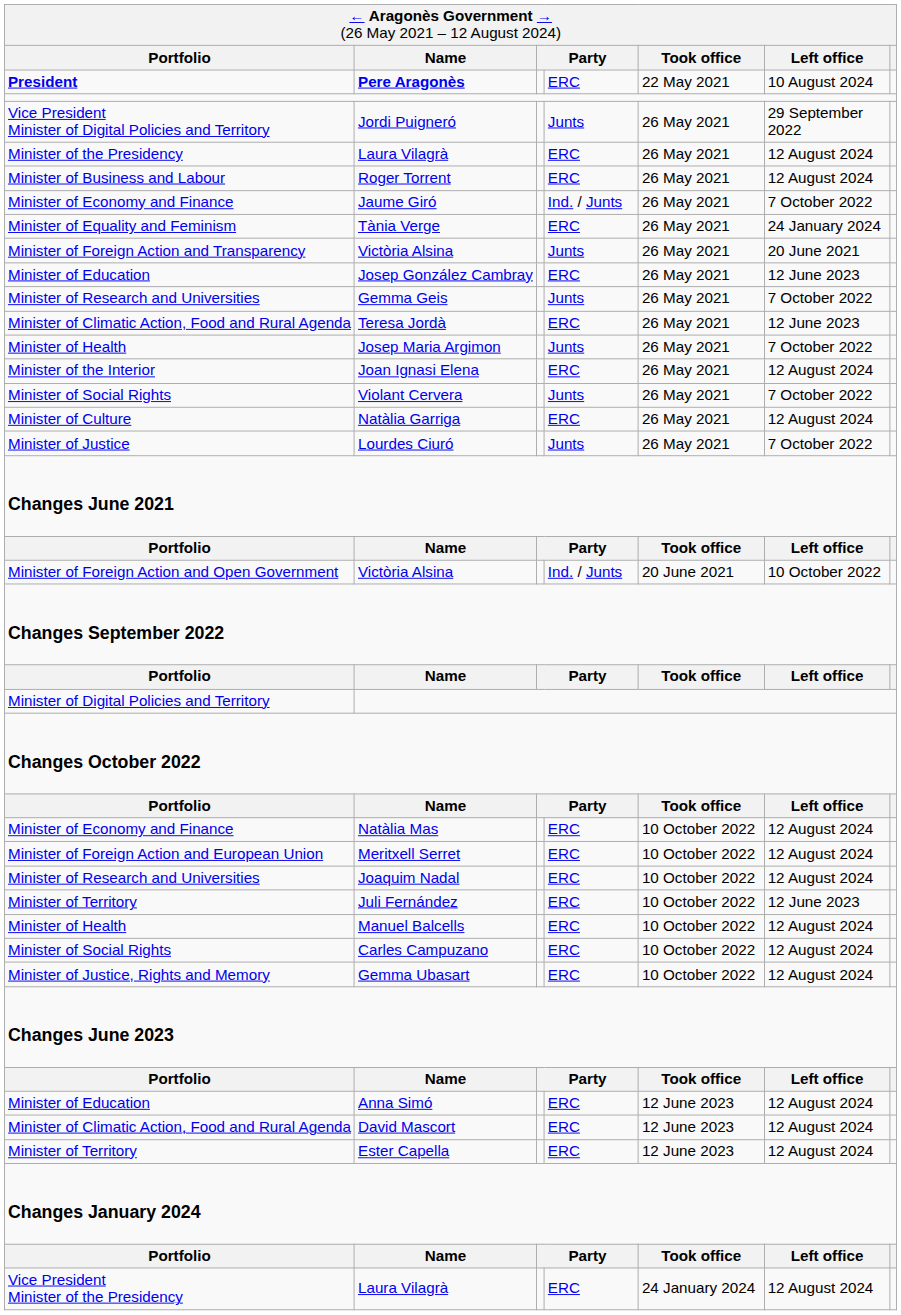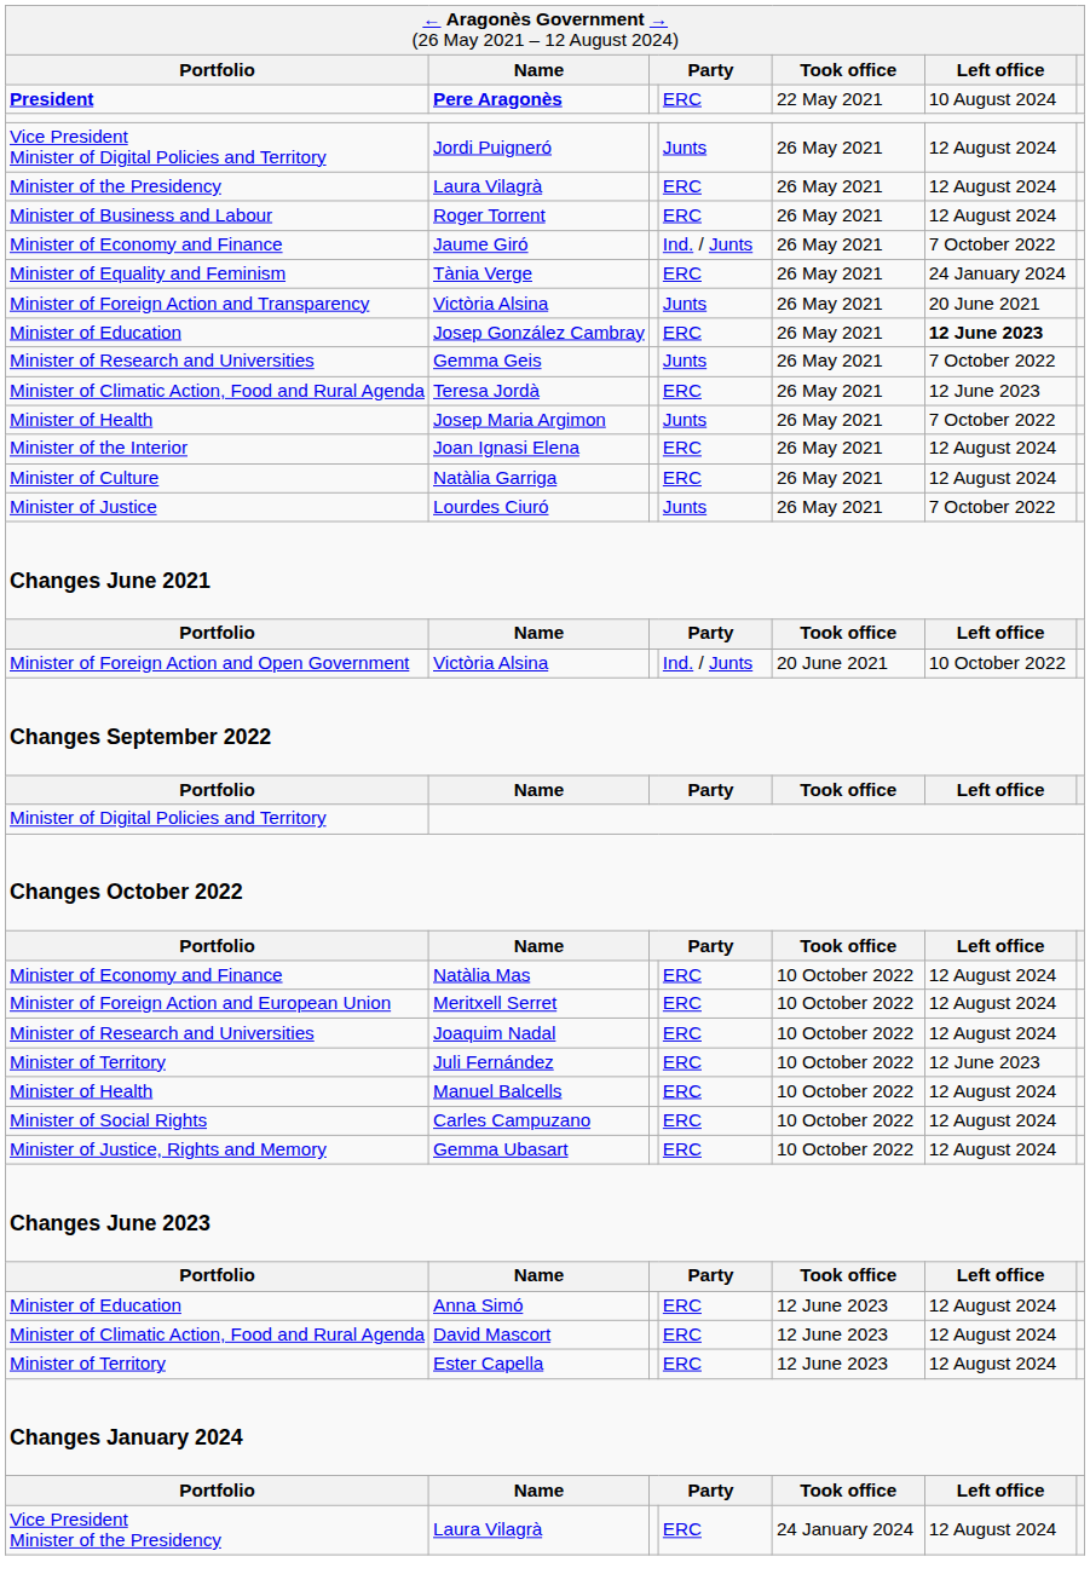 <table class="wikitable">
 <tr>
 <td colspan="7" bgcolor="#F2F2F2" align="center"><a href='#'>←</a> <strong>Aragonès Government</strong> <a href='#'>→</a><br>(26 May 2021 – 12 August 2024)</td>
 </tr>
 <tr>
 <th>Portfolio</th>
 <th>Name</th>
 <th width="100px" colspan="2">Party</th>
 <th width="125px">Took office</th>
 <th width="125px">Left office</th>
 <th></th>
 </tr>
 <tr>
 <td><strong><a href='#'>President</a></strong></td>
 <td><strong><a href='#'>Pere Aragonès</a></strong></td>
 <td width="1" style="background-color:"></td>
 <td><a href='#'>ERC</a></td>
 <td>22 May 2021</td>
 <td>10 August 2024</td>
 <td align="center"></td>
 </tr>
 <tr>
 <td colspan="7"></td>
 </tr>
 <tr>
 <td><a href='#'>Vice President</a><br><a href='#'>Minister of Digital Policies and Territory</a></td>
 <td><a href='#'>Jordi Puigneró</a></td>
 <td style="background-color:"></td>
 <td><a href='#'>Junts</a></td>
 <td>26 May 2021</td>
-<td>29 September 2022</td>
+<td>12 August 2024</td>
 <td align="center"></td>
 </tr>
 <tr>
 <td><a href='#'>Minister of the Presidency</a></td>
 <td><a href='#'>Laura Vilagrà</a></td>
 <td style="background-color:"></td>
 <td><a href='#'>ERC</a></td>
 <td>26 May 2021</td>
 <td>12 August 2024</td>
 <td align="center"></td>
 </tr>
 <tr>
 <td><a href='#'>Minister of Business and Labour</a></td>
 <td><a href='#'>Roger Torrent</a></td>
 <td style="background-color:"></td>
 <td><a href='#'>ERC</a></td>
 <td>26 May 2021</td>
 <td>12 August 2024</td>
 <td align="center"></td>
 </tr>
 <tr>
 <td><a href='#'>Minister of Economy and Finance</a></td>
 <td><a href='#'>Jaume Giró</a></td>
 <td style="background-color:"></td>
 <td><a href='#'>Ind.</a> / <a href='#'>Junts</a></td>
 <td>26 May 2021</td>
 <td>7 October 2022</td>
 <td align="center"></td>
 </tr>
 <tr>
 <td><a href='#'>Minister of Equality and Feminism</a></td>
 <td><a href='#'>Tània Verge</a></td>
 <td style="background-color:"></td>
 <td><a href='#'>ERC</a> </td>
 <td>26 May 2021</td>
 <td>24 January 2024</td>
 <td align="center"></td>
 </tr>
 <tr>
 <td><a href='#'>Minister of Foreign Action and Transparency</a></td>
 <td><a href='#'>Victòria Alsina</a></td>
 <td style="background-color:"></td>
 <td><a href='#'>Junts</a> </td>
 <td>26 May 2021</td>
 <td>20 June 2021</td>
 <td align="center"></td>
 </tr>
 <tr>
 <td><a href='#'>Minister of Education</a></td>
 <td><a href='#'>Josep González Cambray</a></td>
 <td style="background-color:"></td>
 <td><a href='#'>ERC</a></td>
 <td>26 May 2021</td>
-<td>12 June 2023</td>
+<td><strong>12 June 2023</strong></td>
 <td align="center"></td>
 </tr>
 <tr>
 <td><a href='#'>Minister of Research and Universities</a></td>
 <td><a href='#'>Gemma Geis</a></td>
 <td style="background-color:"></td>
 <td><a href='#'>Junts</a></td>
 <td>26 May 2021</td>
 <td>7 October 2022</td>
 <td align="center"></td>
 </tr>
 <tr>
 <td><a href='#'>Minister of Climatic Action, Food and Rural Agenda</a></td>
 <td><a href='#'>Teresa Jordà</a></td>
 <td style="background-color:"></td>
 <td><a href='#'>ERC</a></td>
 <td>26 May 2021</td>
 <td>12 June 2023</td>
 <td align="center"></td>
 </tr>
 <tr>
 <td><a href='#'>Minister of Health</a></td>
 <td><a href='#'>Josep Maria Argimon</a></td>
 <td style="background-color:"></td>
 <td><a href='#'>Junts</a> </td>
 <td>26 May 2021</td>
 <td>7 October 2022</td>
 <td align="center"></td>
 </tr>
 <tr>
 <td><a href='#'>Minister of the Interior</a></td>
 <td><a href='#'>Joan Ignasi Elena</a></td>
 <td style="background-color:"></td>
 <td><a href='#'>ERC</a> </td>
 <td>26 May 2021</td>
 <td>12 August 2024</td>
-<td align="center"></td>
-</tr>
-<tr>
-<td><a href='#'>Minister of Social Rights</a></td>
-<td><a href='#'>Violant Cervera</a></td>
-<td style="background-color:"></td>
-<td><a href='#'>Junts</a></td>
-<td>26 May 2021</td>
-<td>7 October 2022</td>
 <td align="center"></td>
 </tr>
 <tr>
 <td><a href='#'>Minister of Culture</a></td>
 <td><a href='#'>Natàlia Garriga</a></td>
 <td style="background-color:"></td>
 <td><a href='#'>ERC</a></td>
 <td>26 May 2021</td>
 <td>12 August 2024</td>
 <td align="center"></td>
 </tr>
 <tr>
 <td><a href='#'>Minister of Justice</a></td>
 <td><a href='#'>Lourdes Ciuró</a></td>
 <td style="background-color:"></td>
 <td><a href='#'>Junts</a></td>
 <td>26 May 2021</td>
 <td>7 October 2022</td>
 <td align="center"></td>
 </tr>
 <tr>
 <td colspan="7"><br><h3>Changes June 2021</h3></td>
 </tr>
 <tr>
 <th>Portfolio</th>
 <th>Name</th>
 <th colspan="2">Party</th>
 <th>Took office</th>
 <th>Left office</th>
 <th></th>
 </tr>
 <tr>
 <td><a href='#'>Minister of Foreign Action and Open Government</a></td>
 <td><a href='#'>Victòria Alsina</a></td>
 <td style="background-color:"></td>
 <td><a href='#'>Ind.</a> / <a href='#'>Junts</a></td>
 <td>20 June 2021</td>
 <td>10 October 2022</td>
 <td align="center"></td>
 </tr>
 <tr>
 <td colspan="7"><br><h3>Changes September 2022</h3></td>
 </tr>
 <tr>
 <th>Portfolio</th>
 <th>Name</th>
 <th colspan="2">Party</th>
 <th>Took office</th>
 <th>Left office</th>
 <th></th>
 </tr>
 <tr>
 <td><a href='#'>Minister of Digital Policies and Territory</a></td>
 <td colspan="6"></td>
 </tr>
 <tr>
 <td colspan="7"><br><h3>Changes October 2022</h3></td>
 </tr>
 <tr>
 <th>Portfolio</th>
 <th>Name</th>
 <th colspan="2">Party</th>
 <th>Took office</th>
 <th>Left office</th>
 <th></th>
 </tr>
 <tr>
 <td><a href='#'>Minister of Economy and Finance</a></td>
 <td><a href='#'>Natàlia Mas</a></td>
 <td style="background-color:"></td>
 <td><a href='#'>ERC</a></td>
 <td>10 October 2022</td>
 <td>12 August 2024</td>
 <td align="center"></td>
 </tr>
 <tr>
 <td><a href='#'>Minister of Foreign Action and European Union</a></td>
 <td><a href='#'>Meritxell Serret</a></td>
 <td style="background-color:"></td>
 <td><a href='#'>ERC</a></td>
 <td>10 October 2022</td>
 <td>12 August 2024</td>
 <td align="center"></td>
 </tr>
 <tr>
 <td><a href='#'>Minister of Research and Universities</a></td>
 <td><a href='#'>Joaquim Nadal</a></td>
 <td style="background-color:"></td>
 <td><a href='#'>ERC</a> </td>
 <td>10 October 2022</td>
 <td>12 August 2024</td>
 <td align="center"></td>
 </tr>
 <tr>
 <td><a href='#'>Minister of Territory</a></td>
 <td><a href='#'>Juli Fernández</a></td>
 <td style="background-color:"></td>
 <td><a href='#'>ERC</a></td>
 <td>10 October 2022</td>
 <td>12 June 2023</td>
 <td align="center"></td>
 </tr>
 <tr>
 <td><a href='#'>Minister of Health</a></td>
 <td><a href='#'>Manuel Balcells</a></td>
 <td style="background-color:"></td>
 <td><a href='#'>ERC</a></td>
 <td>10 October 2022</td>
 <td>12 August 2024</td>
 <td align="center"></td>
 </tr>
 <tr>
 <td><a href='#'>Minister of Social Rights</a></td>
 <td><a href='#'>Carles Campuzano</a></td>
 <td style="background-color:"></td>
 <td><a href='#'>ERC</a> </td>
 <td>10 October 2022</td>
 <td>12 August 2024</td>
 <td align="center"></td>
 </tr>
 <tr>
 <td><a href='#'>Minister of Justice, Rights and Memory</a></td>
 <td><a href='#'>Gemma Ubasart</a></td>
 <td style="background-color:"></td>
 <td><a href='#'>ERC</a> </td>
 <td>10 October 2022</td>
 <td>12 August 2024</td>
 <td align="center"></td>
 </tr>
 <tr>
 <td colspan="7"><br><h3>Changes June 2023</h3></td>
 </tr>
 <tr>
 <th>Portfolio</th>
 <th>Name</th>
 <th colspan="2">Party</th>
 <th>Took office</th>
 <th>Left office</th>
 <th></th>
 </tr>
 <tr>
 <td><a href='#'>Minister of Education</a></td>
 <td><a href='#'>Anna Simó</a></td>
 <td style="background-color:"></td>
 <td><a href='#'>ERC</a></td>
 <td>12 June 2023</td>
 <td>12 August 2024</td>
 <td align="center"></td>
 </tr>
 <tr>
 <td><a href='#'>Minister of Climatic Action, Food and Rural Agenda</a></td>
 <td><a href='#'>David Mascort</a></td>
 <td style="background-color:"></td>
 <td><a href='#'>ERC</a></td>
 <td>12 June 2023</td>
 <td>12 August 2024</td>
 <td align="center"></td>
 </tr>
 <tr>
 <td><a href='#'>Minister of Territory</a></td>
 <td><a href='#'>Ester Capella</a></td>
 <td style="background-color:"></td>
 <td><a href='#'>ERC</a></td>
 <td>12 June 2023</td>
 <td>12 August 2024</td>
 <td align="center"></td>
 </tr>
 <tr>
 <td colspan="7"><br><h3>Changes January 2024</h3></td>
 </tr>
 <tr>
 <th>Portfolio</th>
 <th>Name</th>
 <th colspan="2">Party</th>
 <th>Took office</th>
 <th>Left office</th>
 <th></th>
 </tr>
 <tr>
 <td><a href='#'>Vice President</a><br><a href='#'>Minister of the Presidency</a></td>
 <td><a href='#'>Laura Vilagrà</a></td>
 <td style="background-color:"></td>
 <td><a href='#'>ERC</a></td>
 <td>24 January 2024</td>
 <td>12 August 2024</td>
 <td align="center"></td>
 </tr>
 </table>
